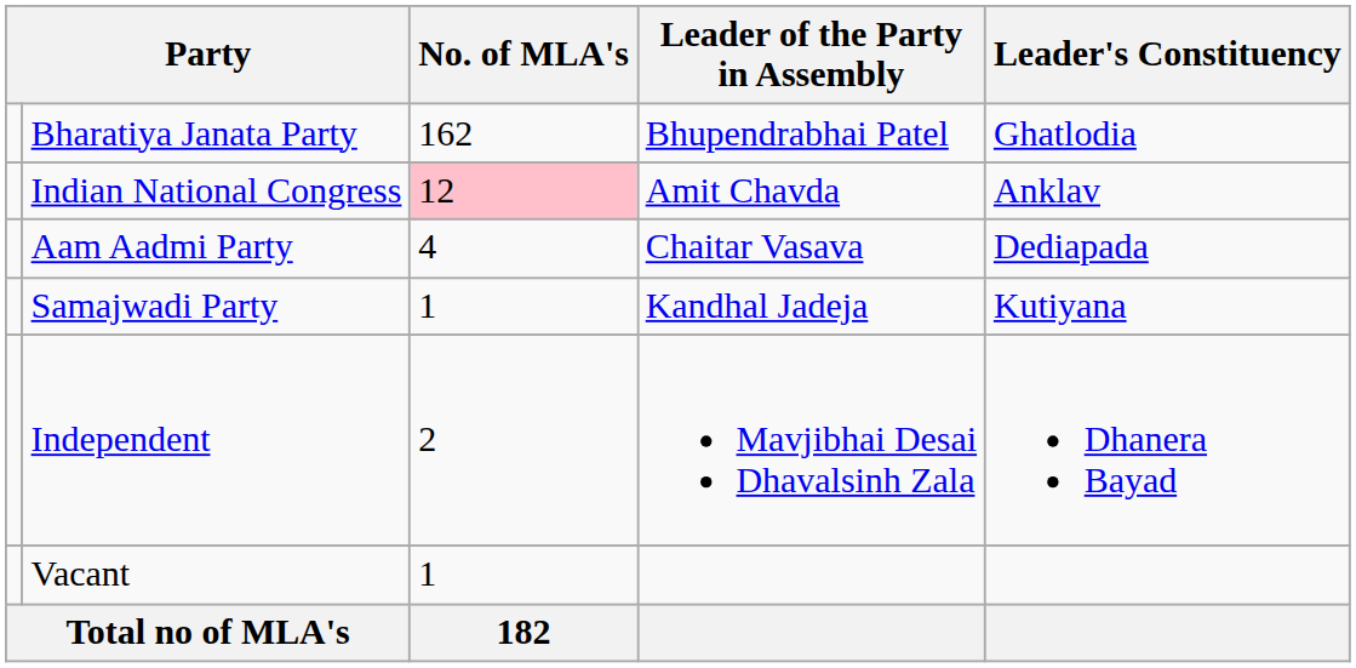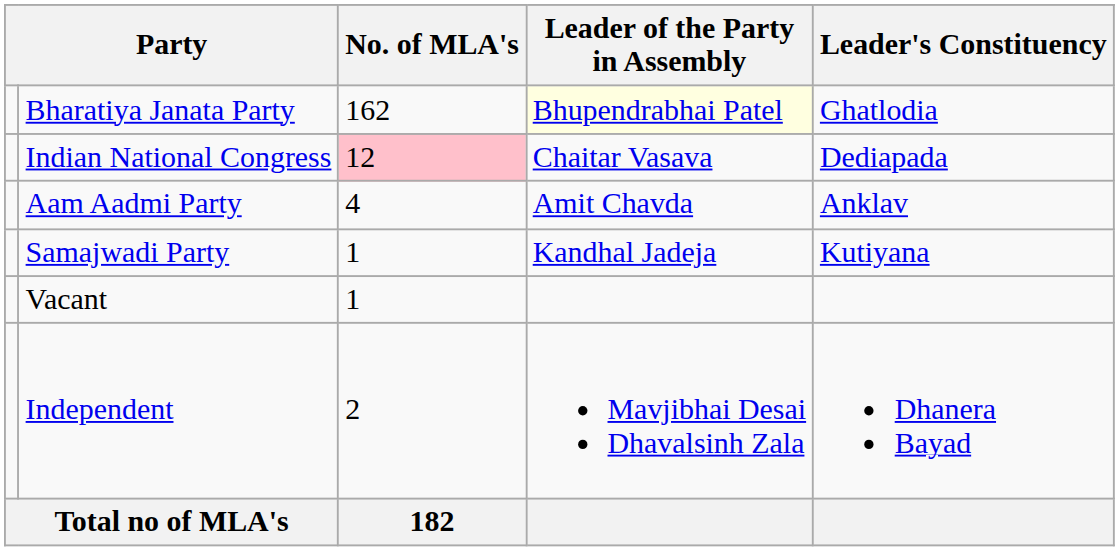 <table class="wikitable">
 <tr>
 <th colspan="2">Party</th>
 <th>No. of MLA's</th>
 <th>Leader of the Party<br>in Assembly</th>
 <th>Leader's Constituency</th>
 </tr>
 <tr>
 <td style="background:"></td>
 <td><a href='#'>Bharatiya Janata Party</a></td>
 <td>162</td>
-<td><a href='#'>Bhupendrabhai Patel</a></td>
+<td style="background: lightyellow;"><a href='#'>Bhupendrabhai Patel</a></td>
 <td><a href='#'>Ghatlodia</a></td>
 </tr>
 <tr>
 <td style="background:"></td>
 <td><a href='#'>Indian National Congress</a></td>
 <td style="background: pink;">12</td>
-<td><a href='#'>Amit Chavda</a></td>
-<td><a href='#'>Anklav</a></td>
+<td><a href='#'>Chaitar Vasava</a></td>
+<td><a href='#'>Dediapada</a></td>
 </tr>
 <tr>
 <td style="background:"></td>
 <td><a href='#'>Aam Aadmi Party</a></td>
 <td>4</td>
-<td><a href='#'>Chaitar Vasava</a></td>
-<td><a href='#'>Dediapada</a></td>
+<td><a href='#'>Amit Chavda</a></td>
+<td><a href='#'>Anklav</a></td>
 </tr>
 <tr>
 <td style="background:"></td>
 <td><a href='#'>Samajwadi Party</a></td>
 <td>1</td>
 <td><a href='#'>Kandhal Jadeja</a></td>
 <td><a href='#'>Kutiyana</a></td>
 </tr>
 <tr>
+<td></td>
+<td>Vacant</td>
+<td>1</td>
+<td></td>
+<td></td>
+</tr>
+<tr>
 <td style="background:"></td>
 <td><a href='#'>Independent</a></td>
 <td>2</td>
 <td><br><ul><li><a href='#'>Mavjibhai Desai</a></li><li><a href='#'>Dhavalsinh Zala</a></li></ul></td>
 <td><br><ul><li><a href='#'>Dhanera</a></li><li><a href='#'>Bayad</a></li></ul></td>
-</tr>
-<tr>
-<td></td>
-<td>Vacant</td>
-<td>1</td>
-<td></td>
-<td></td>
 </tr>
 <tr>
 <th colspan="2">Total no of MLA's</th>
 <th>182</th>
 <th></th>
 <th></th>
 </tr>
 </table>
